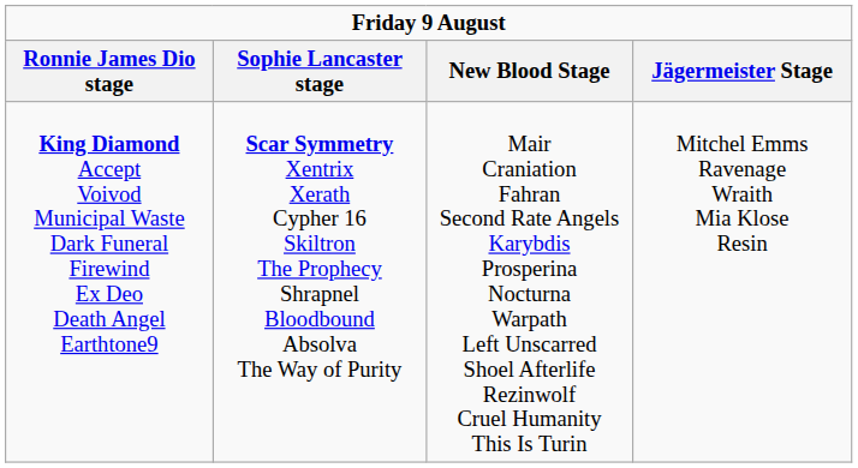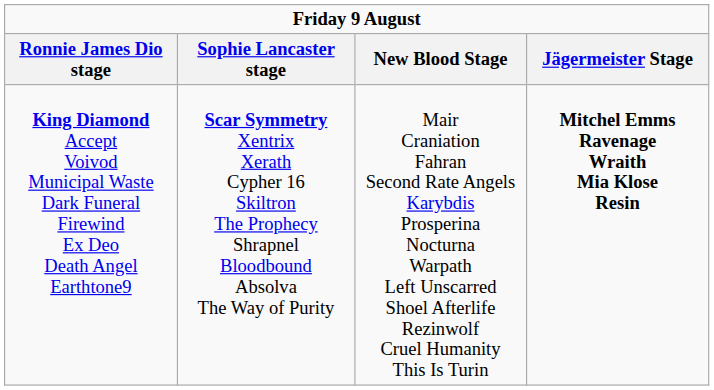 <table class="wikitable">
 <tr>
 <td colspan="4" align="center"><strong>Friday 9 August</strong></td>
 </tr>
 <tr>
 <th><a href='#'>Ronnie James Dio</a> stage</th>
 <th><a href='#'>Sophie Lancaster</a> stage</th>
 <th>New Blood Stage</th>
 <th><a href='#'>Jägermeister</a> Stage</th>
 </tr>
 <tr>
 <td valign="top" align="center" width=200><br><strong><a href='#'>King Diamond</a></strong><br> <a href='#'>Accept</a><br> <a href='#'>Voivod</a><br> <a href='#'>Municipal Waste</a><br> <a href='#'>Dark Funeral</a><br> <a href='#'>Firewind</a><br> <a href='#'>Ex Deo</a><br> <a href='#'>Death Angel</a><br> <a href='#'>Earthtone9</a><br></td>
 <td valign="top" align="center" width=200><br><strong><a href='#'>Scar Symmetry</a></strong><br> <a href='#'>Xentrix</a><br> <a href='#'>Xerath</a><br> Cypher 16<br> <a href='#'>Skiltron</a><br> <a href='#'>The Prophecy</a><br> Shrapnel<br> <a href='#'>Bloodbound</a><br> Absolva<br> The Way of Purity<br></td>
 <td valign="top" align="center" width="200"><br>Mair<br> Craniation<br> Fahran<br> Second Rate Angels<br> <a href='#'>Karybdis</a><br> Prosperina<br> Nocturna<br> Warpath<br> Left Unscarred<br> Shoel Afterlife<br> Rezinwolf<br> Cruel Humanity<br> This Is Turin<br></td>
-<td valign="top" align="center" width="200"><br>Mitchel Emms<br> Ravenage<br> Wraith<br> Mia Klose<br> Resin<br></td>
+<td valign="top" align="center" width="200"><strong><br>Mitchel Emms<br> Ravenage<br> Wraith<br> Mia Klose<br> Resin<br></strong></td>
 </tr>
 </table>
